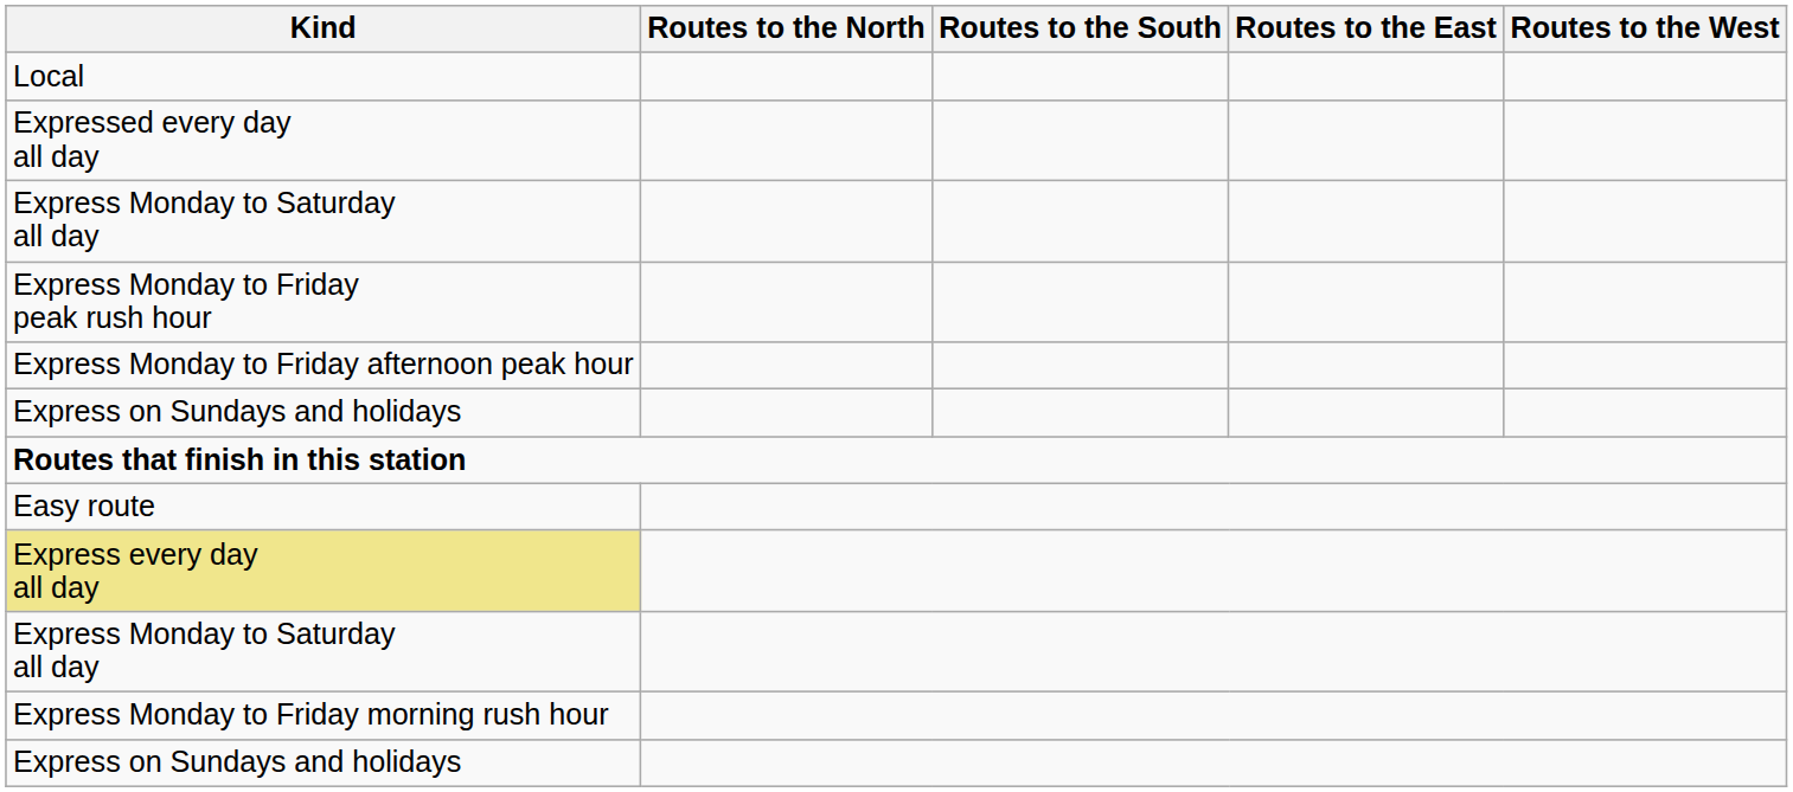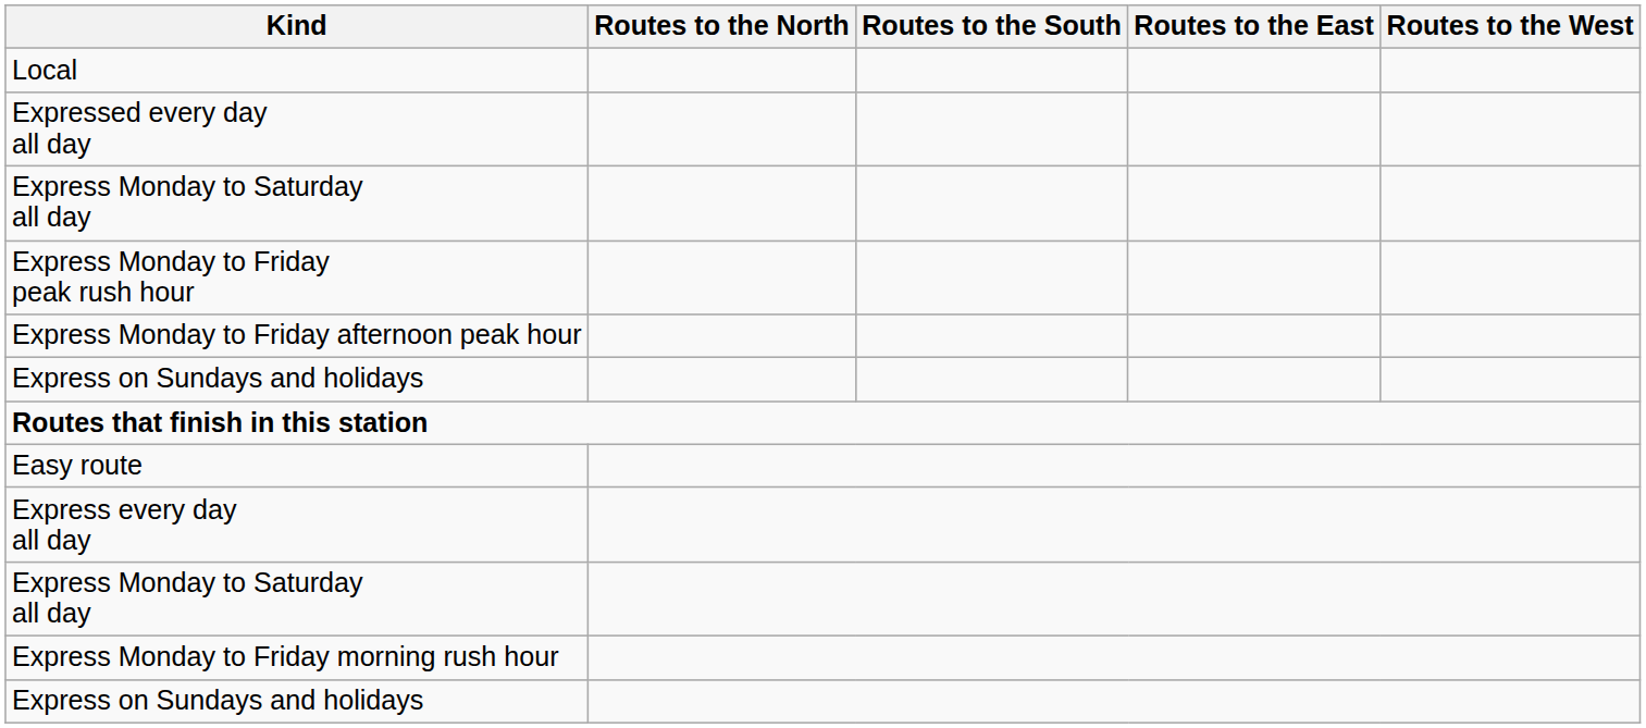 <table class="wikitable" style="margin-left: auto; margin-right: auto; border: none;">
 <tr>
 <th>Kind</th>
 <th>Routes to the North</th>
 <th>Routes to the South</th>
 <th>Routes to the East</th>
 <th>Routes to the West</th>
 </tr>
 <tr>
 <td>Local</td>
 <td></td>
 <td></td>
 <td></td>
 <td></td>
 </tr>
 <tr>
 <td>Expressed every day <br> all day</td>
 <td></td>
 <td></td>
 <td></td>
 <td></td>
 </tr>
 <tr>
 <td>Express Monday to Saturday <br> all day</td>
 <td></td>
 <td> </td>
 <td></td>
 <td></td>
 </tr>
 <tr>
 <td>Express Monday to Friday <br> peak rush hour</td>
 <td></td>
 <td></td>
 <td></td>
 <td></td>
 </tr>
 <tr>
 <td>Express Monday to Friday afternoon peak hour</td>
 <td></td>
 <td></td>
 <td></td>
 <td></td>
 </tr>
 <tr>
 <td>Express on Sundays and holidays</td>
 <td></td>
 <td></td>
 <td></td>
 <td></td>
 </tr>
 <tr>
 <td Colspan = "7"><strong>Routes that finish in this station</strong></td>
 </tr>
 <tr>
 <td>Easy route</td>
 <td colspan = "6"></td>
 </tr>
 <tr>
-<td style="background: khaki;">Express every day <br> all day</td>
+<td>Express every day <br> all day</td>
 <td colspan = "6"></td>
 </tr>
 <tr>
 <td>Express Monday to Saturday <br> all day</td>
 <td colspan = "6">   </td>
 </tr>
 <tr>
 <td>Express Monday to Friday morning rush hour</td>
 <td colspan = "6"> </td>
 </tr>
 <tr>
 <td>Express on Sundays and holidays</td>
 <td colspan = "6"> </td>
 </tr>
 </table>
